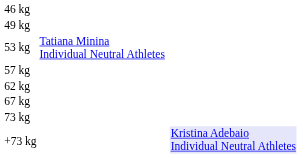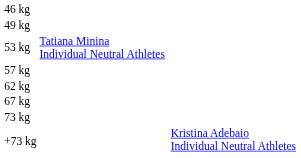 <table>
 <tr>
 <td rowspan=2>46 kg<br></td>
 <td rowspan=2></td>
 <td rowspan=2></td>
 <td></td>
 </tr>
 <tr>
 <td></td>
 </tr>
 <tr>
 <td rowspan=2>49 kg<br></td>
 <td rowspan=2></td>
 <td rowspan=2></td>
 <td></td>
 </tr>
 <tr>
 <td></td>
 </tr>
 <tr>
 <td rowspan=2>53 kg<br></td>
 <td rowspan=2><a href='#'>Tatiana Minina</a><br><a href='#'>Individual Neutral Athletes</a></td>
 <td rowspan=2></td>
 <td></td>
 </tr>
 <tr>
 <td></td>
 </tr>
 <tr>
 <td rowspan=2>57 kg<br></td>
 <td rowspan=2></td>
 <td rowspan=2></td>
 <td></td>
 </tr>
 <tr>
 <td></td>
 </tr>
 <tr>
 <td rowspan=2>62 kg<br></td>
 <td rowspan=2></td>
 <td rowspan=2></td>
 <td></td>
 </tr>
 <tr>
 <td></td>
 </tr>
 <tr>
 <td rowspan=2>67 kg<br></td>
 <td rowspan=2></td>
 <td rowspan=2></td>
 <td></td>
 </tr>
 <tr>
 <td></td>
 </tr>
 <tr>
 <td rowspan=2>73 kg<br></td>
 <td rowspan=2></td>
 <td rowspan=2></td>
 <td></td>
 </tr>
 <tr>
 <td></td>
 </tr>
 <tr>
 <td rowspan=2>+73 kg<br></td>
 <td rowspan=2></td>
 <td rowspan=2></td>
-<td style="background: lavender;"><a href='#'>Kristina Adebaio</a><br><a href='#'>Individual Neutral Athletes</a></td>
+<td><a href='#'>Kristina Adebaio</a><br><a href='#'>Individual Neutral Athletes</a></td>
 </tr>
 <tr>
 <td></td>
 </tr>
 </table>
